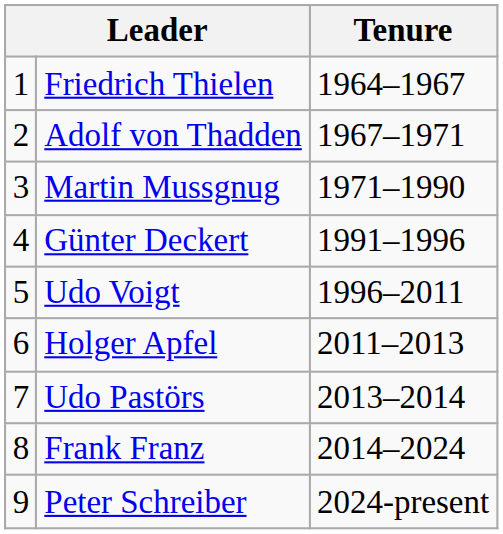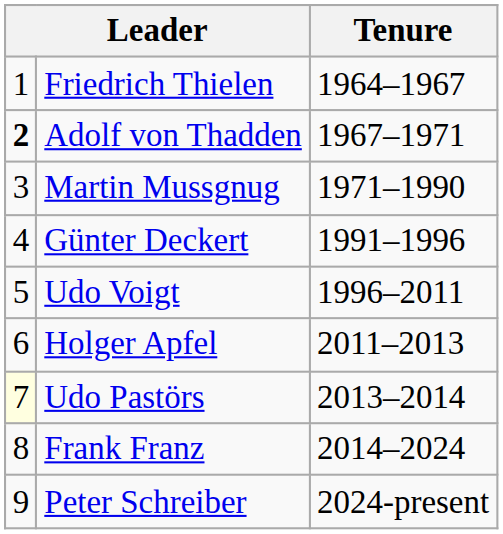 <table class="wikitable">
 <tr>
 <th colspan="2">Leader</th>
 <th>Tenure</th>
 </tr>
 <tr>
 <td>1</td>
 <td><a href='#'>Friedrich Thielen</a></td>
 <td>1964–1967</td>
 </tr>
 <tr>
-<td>2</td>
+<td><strong>2</strong></td>
 <td><a href='#'>Adolf von Thadden</a></td>
 <td>1967–1971</td>
 </tr>
 <tr>
 <td>3</td>
 <td><a href='#'>Martin Mussgnug</a></td>
 <td>1971–1990</td>
 </tr>
 <tr>
 <td>4</td>
 <td><a href='#'>Günter Deckert</a></td>
 <td>1991–1996</td>
 </tr>
 <tr>
 <td>5</td>
 <td><a href='#'>Udo Voigt</a></td>
 <td>1996–2011</td>
 </tr>
 <tr>
 <td>6</td>
 <td><a href='#'>Holger Apfel</a></td>
 <td>2011–2013</td>
 </tr>
 <tr>
-<td>7</td>
+<td style="background: lightyellow;">7</td>
 <td><a href='#'>Udo Pastörs</a></td>
 <td>2013–2014</td>
 </tr>
 <tr>
 <td>8</td>
 <td><a href='#'>Frank Franz</a></td>
 <td>2014–2024</td>
 </tr>
 <tr>
 <td>9</td>
 <td><a href='#'>Peter Schreiber</a></td>
 <td>2024-present</td>
 </tr>
 </table>
